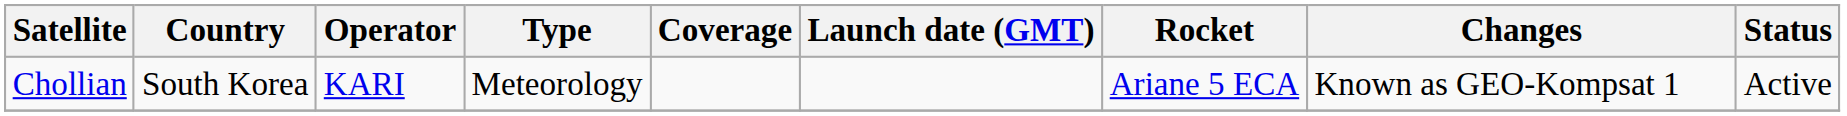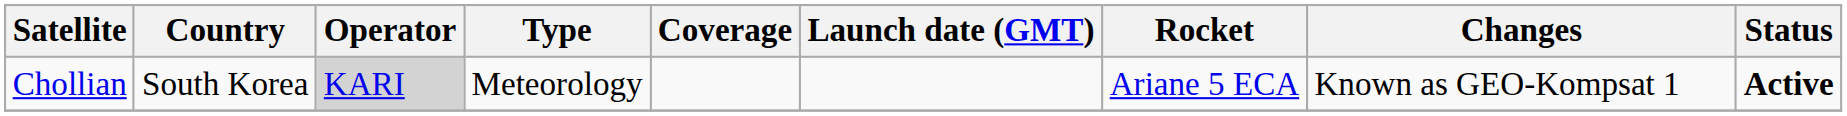 <table class="wikitable sortable" border="1"}>
 <tr>
 <th>Satellite</th>
 <th>Country</th>
 <th>Operator</th>
 <th>Type</th>
 <th>Coverage </th>
 <th>Launch date  (<a href='#'>GMT</a>) </th>
 <th>Rocket</th>
 <th width="200pt">Changes</th>
 <th>Status </th>
 </tr>
 <tr>
 <td><a href='#'>Chollian</a></td>
 <td>South Korea</td>
-<td><a href='#'>KARI</a></td>
+<td style="background: lightgrey;"><a href='#'>KARI</a></td>
 <td>Meteorology</td>
 <td></td>
 <td></td>
 <td><a href='#'>Ariane 5 ECA</a></td>
 <td>Known as GEO-Kompsat 1</td>
-<td>Active</td>
+<td><strong>Active</strong></td>
 </tr>
 <tr>
 </tr>
 </table>
